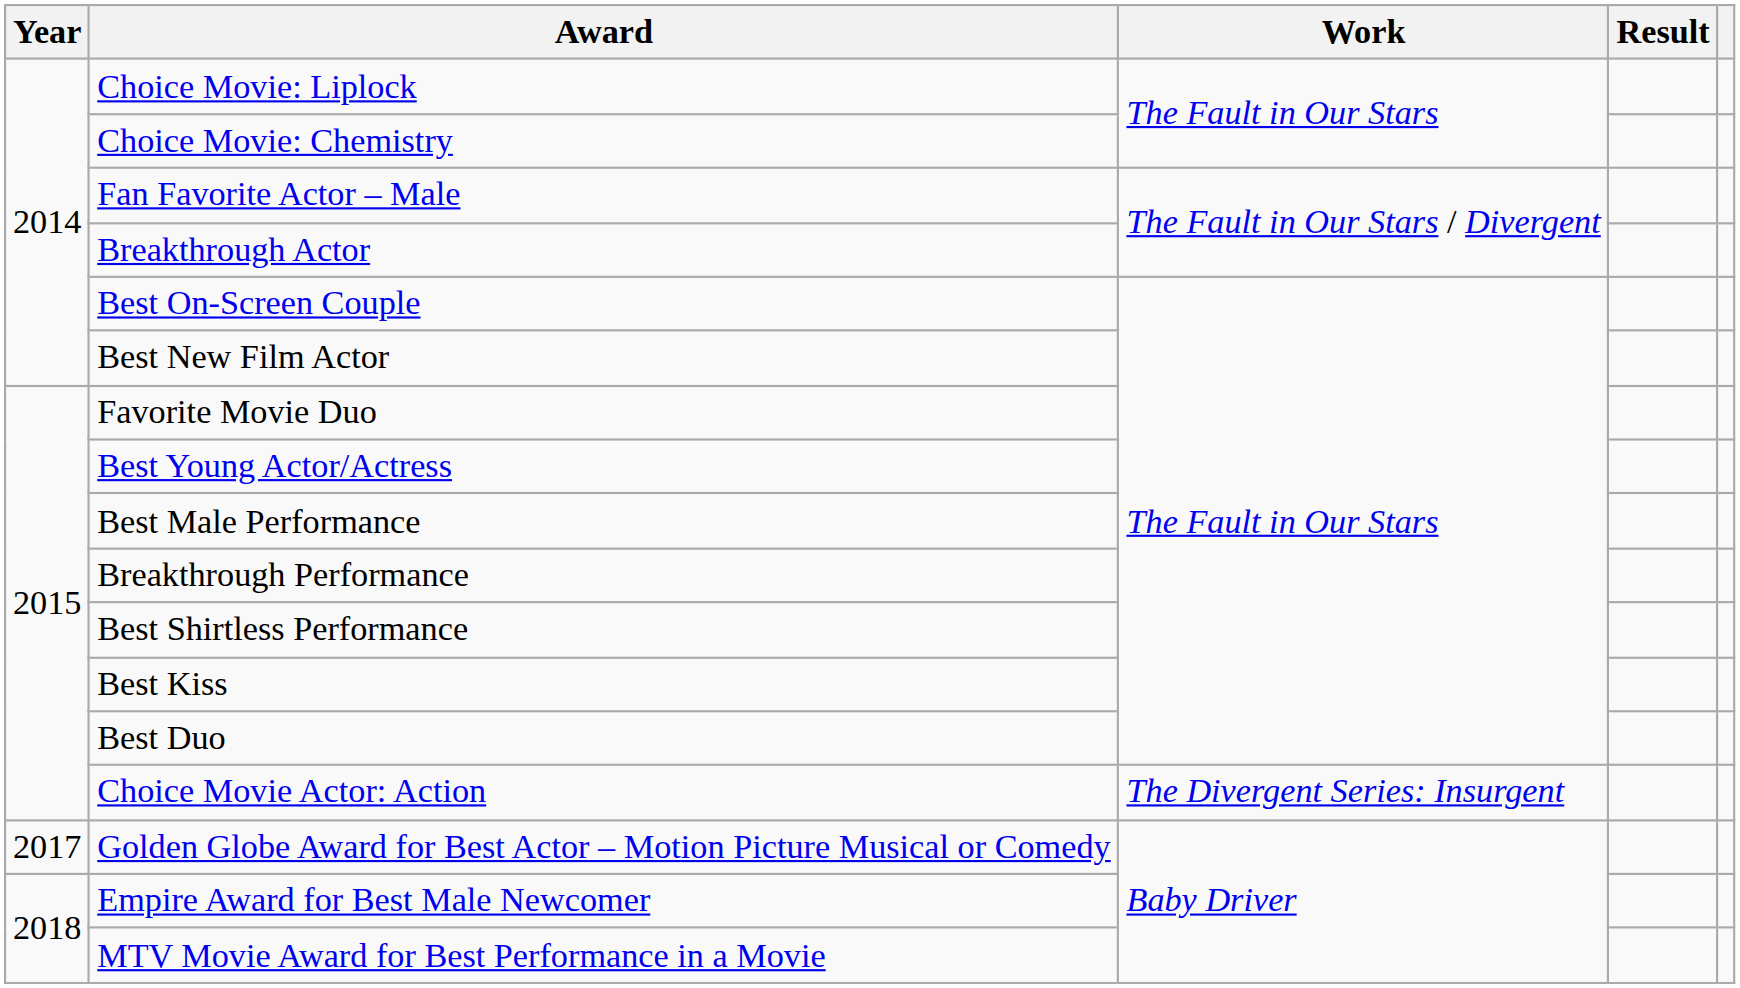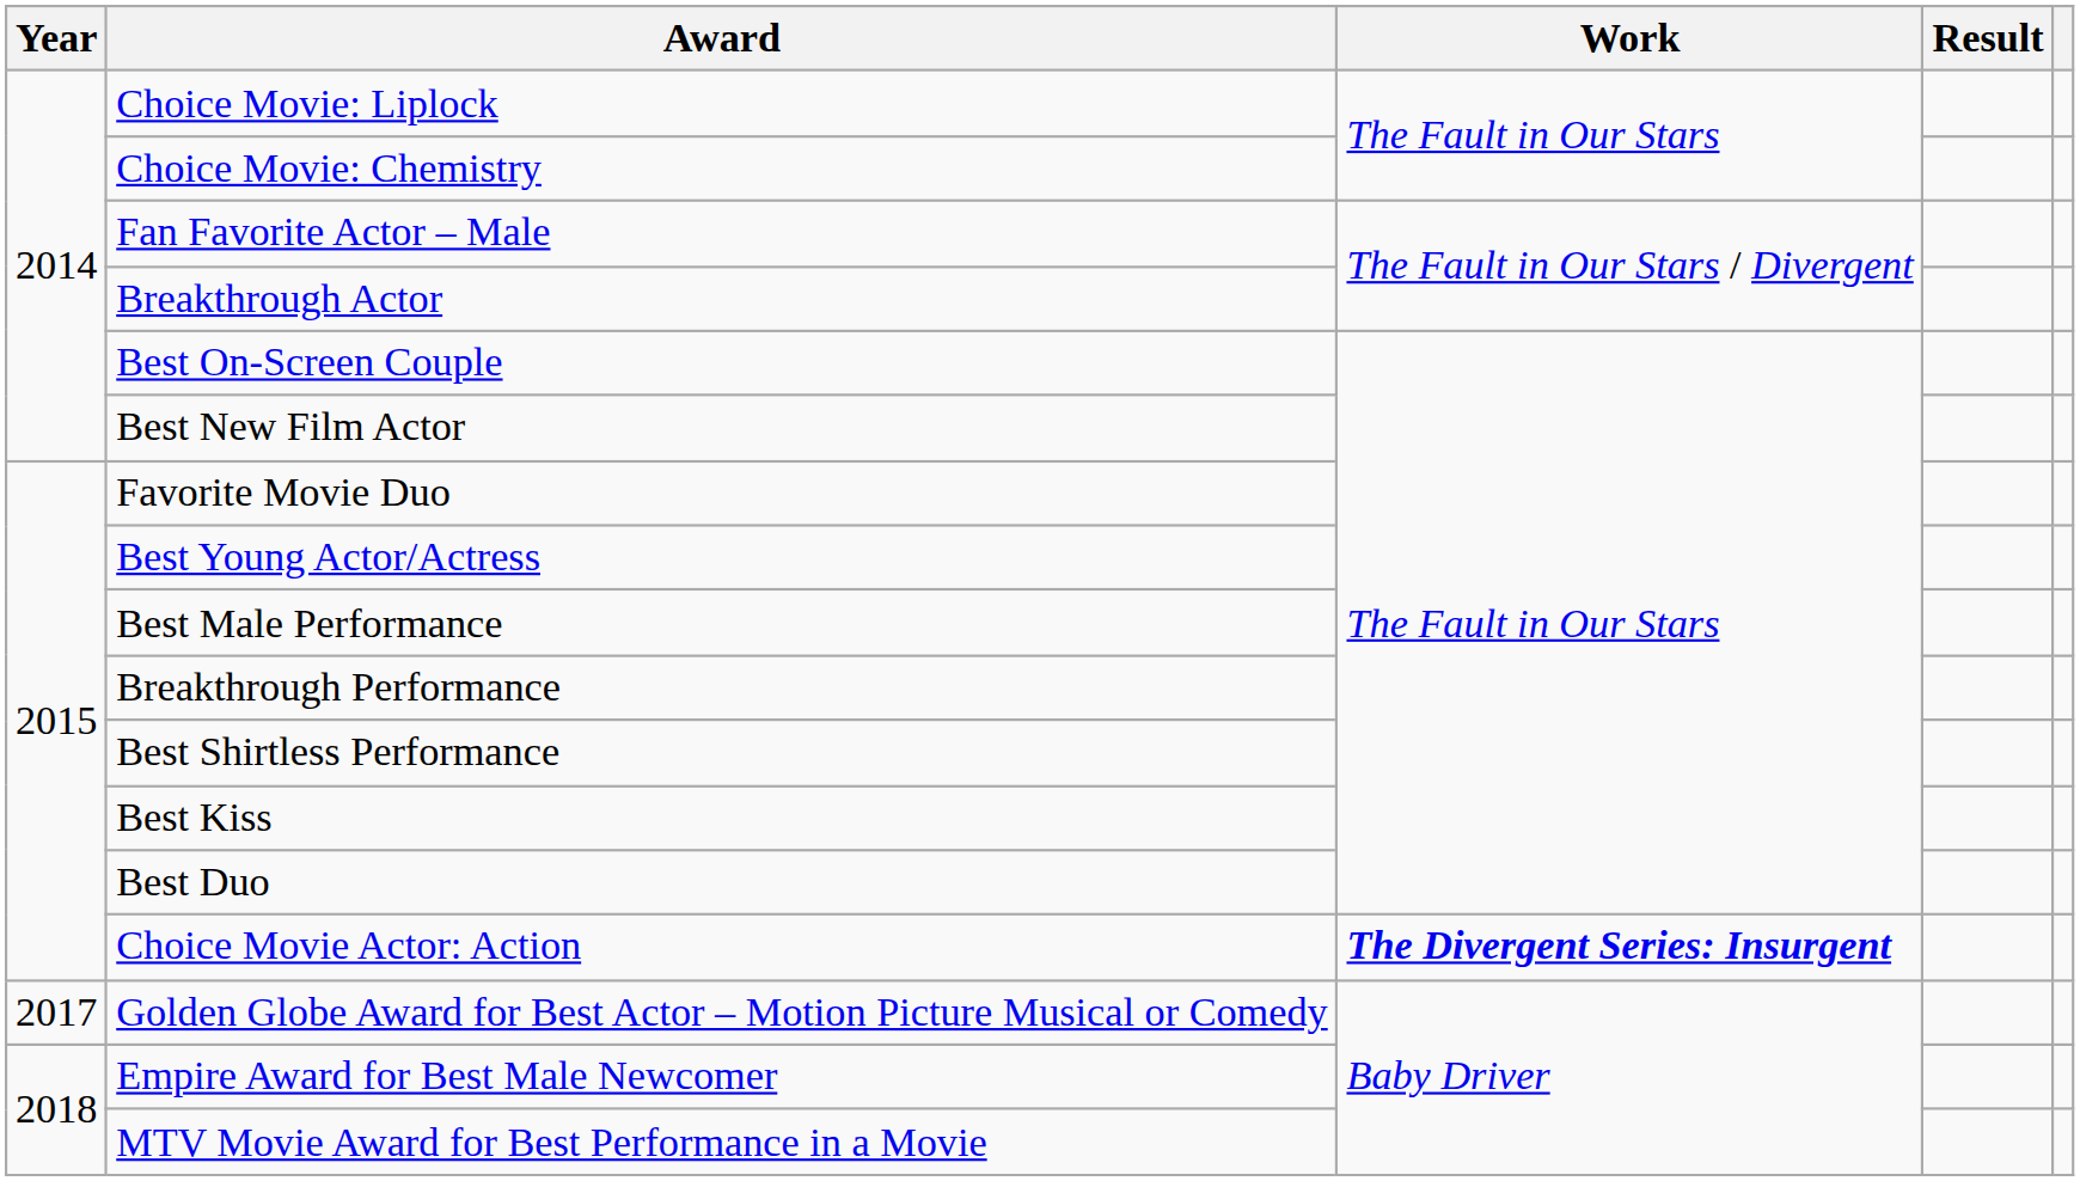 <table class="wikitable">
 <tr>
 <th>Year</th>
 <th>Award</th>
 <th>Work</th>
 <th>Result</th>
 <th></th>
 </tr>
 <tr>
 <td rowspan=6>2014</td>
 <td><a href='#'>Choice Movie: Liplock</a> </td>
 <td rowspan=2><em><a href='#'>The Fault in Our Stars</a></em></td>
 <td></td>
 <td></td>
 </tr>
 <tr>
 <td><a href='#'>Choice Movie: Chemistry</a> </td>
 <td></td>
 <td></td>
 </tr>
 <tr>
 <td><a href='#'>Fan Favorite Actor – Male</a></td>
 <td rowspan="2"><em><a href='#'>The Fault in Our Stars</a></em> / <em><a href='#'>Divergent</a></em></td>
 <td></td>
 <td></td>
 </tr>
 <tr>
 <td><a href='#'>Breakthrough Actor</a></td>
 <td></td>
 <td></td>
 </tr>
 <tr>
 <td><a href='#'>Best On-Screen Couple</a> </td>
 <td rowspan="9"><em><a href='#'>The Fault in Our Stars</a></em></td>
 <td></td>
 <td></td>
 </tr>
 <tr>
 <td>Best New Film Actor</td>
 <td></td>
 <td></td>
 </tr>
 <tr>
 <td rowspan="8">2015</td>
 <td>Favorite Movie Duo </td>
 <td></td>
 <td></td>
 </tr>
 <tr>
 <td><a href='#'>Best Young Actor/Actress</a></td>
 <td></td>
 <td></td>
 </tr>
 <tr>
 <td>Best Male Performance</td>
 <td></td>
 <td></td>
 </tr>
 <tr>
 <td>Breakthrough Performance</td>
 <td></td>
 <td></td>
 </tr>
 <tr>
 <td>Best Shirtless Performance</td>
 <td></td>
 <td></td>
 </tr>
 <tr>
 <td>Best Kiss </td>
 <td></td>
 <td></td>
 </tr>
 <tr>
 <td>Best Duo </td>
 <td></td>
 <td></td>
 </tr>
 <tr>
 <td><a href='#'>Choice Movie Actor: Action</a></td>
-<td><em><a href='#'>The Divergent Series: Insurgent</a></em></td>
+<td><strong><em><a href='#'>The Divergent Series: Insurgent</a></em></strong></td>
 <td></td>
 <td></td>
 </tr>
 <tr>
 <td>2017</td>
 <td><a href='#'>Golden Globe Award for Best Actor – Motion Picture Musical or Comedy</a></td>
 <td rowspan=3><em><a href='#'>Baby Driver</a></em></td>
 <td></td>
 <td></td>
 </tr>
 <tr>
 <td rowspan=2>2018</td>
 <td><a href='#'>Empire Award for Best Male Newcomer</a></td>
 <td></td>
 <td></td>
 </tr>
 <tr>
 <td><a href='#'>MTV Movie Award for Best Performance in a Movie</a></td>
 <td></td>
 <td></td>
 </tr>
 </table>
